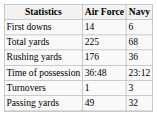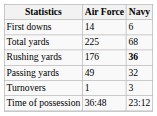 <table class="wikitable">
 <tr>
 <th>Statistics</th>
 <th>Air Force</th>
 <th>Navy</th>
 </tr>
 <tr>
 <td>First downs</td>
 <td>14</td>
 <td>6</td>
 </tr>
 <tr>
 <td>Total yards</td>
 <td>225</td>
 <td>68</td>
 </tr>
 <tr>
 <td>Rushing yards</td>
 <td>176</td>
-<td>36</td>
+<td><strong>36</strong></td>
+</tr>
+<tr>
+<td>Passing yards</td>
+<td>49</td>
+<td>32</td>
+</tr>
+<tr>
+<td>Turnovers</td>
+<td>1</td>
+<td>3</td>
 </tr>
 <tr>
 <td>Time of possession</td>
 <td>36:48</td>
 <td>23:12</td>
 </tr>
 <tr>
-<td>Turnovers</td>
-<td>1</td>
-<td>3</td>
-</tr>
-<tr>
-<td>Passing yards</td>
-<td>49</td>
-<td>32</td>
-</tr>
-<tr>
 </tr>
 </table>
